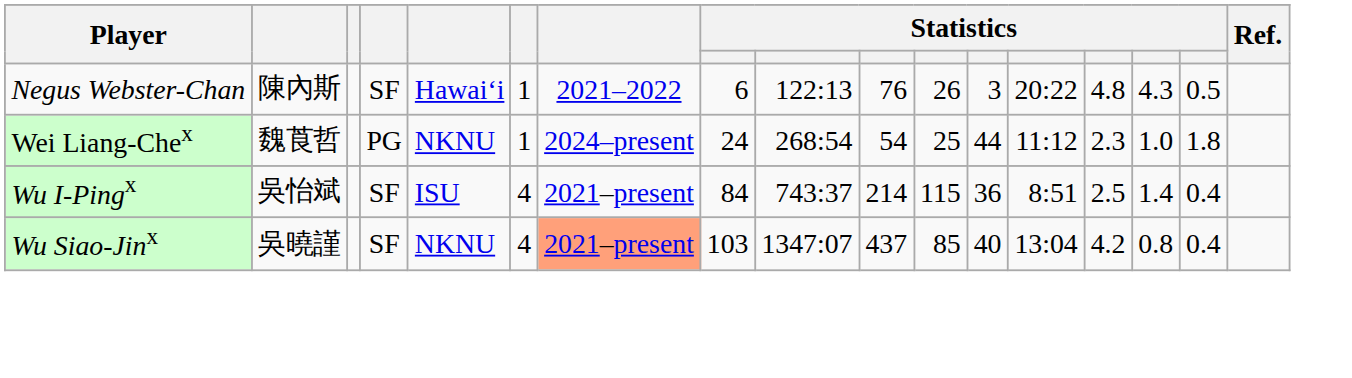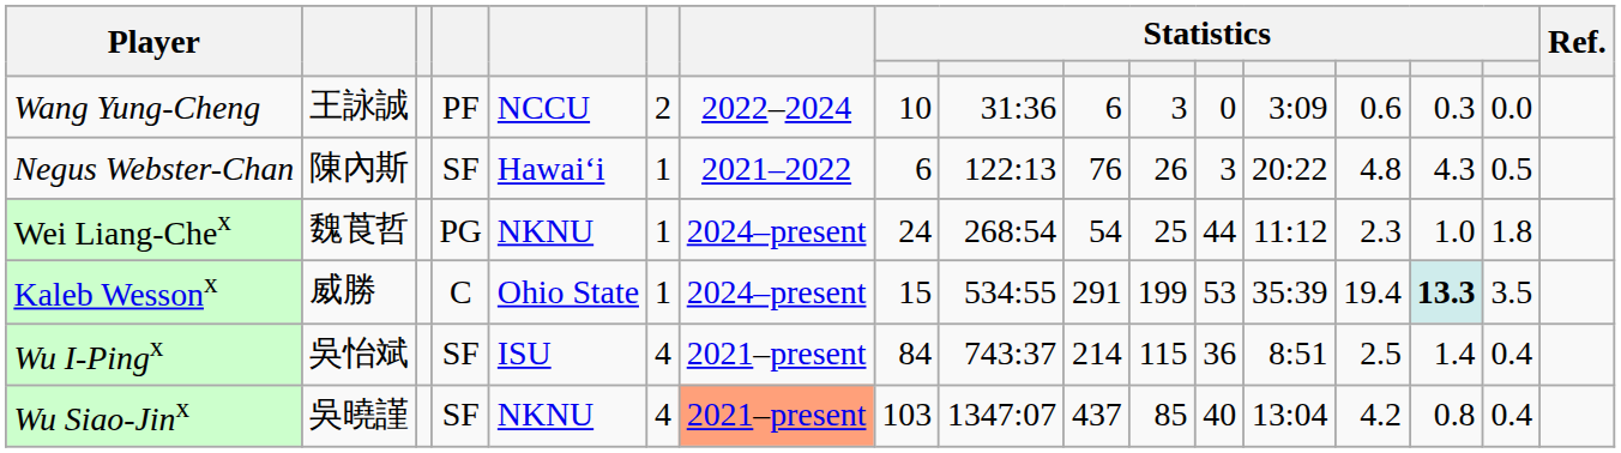 <table class="wikitable sortable" style="font-size:95%; text-align:right;">
 <tr>
 <th rowspan="2">Player</th>
 <th rowspan="2"></th>
 <th rowspan="2"></th>
 <th rowspan="2"></th>
 <th rowspan="2"></th>
 <th rowspan="2"></th>
 <th rowspan="2"></th>
 <th colspan="9">Statistics</th>
 <th rowspan="2">Ref.</th>
 </tr>
 <tr>
 <th></th>
 <th></th>
 <th></th>
 <th></th>
 <th></th>
 <th></th>
 <th></th>
 <th></th>
 <th></th>
+</tr>
+<tr>
+<td align="left"><em>Wang Yung-Cheng</em></td>
+<td align="left">王詠誠</td>
+<td align="center"></td>
+<td align="center">PF</td>
+<td align="left"><a href='#'>NCCU</a></td>
+<td align="center">2</td>
+<td align="center"><a href='#'>2022</a>–<a href='#'>2024</a></td>
+<td>10</td>
+<td>31:36</td>
+<td>6</td>
+<td>3</td>
+<td>0</td>
+<td>3:09</td>
+<td>0.6</td>
+<td>0.3</td>
+<td>0.0</td>
+<td align="center"></td>
 </tr>
 <tr>
 <td align="left"><em>Negus Webster-Chan</em></td>
 <td align="left">陳內斯</td>
 <td align="center"></td>
 <td align="center">SF</td>
 <td align="left"><a href='#'>Hawaiʻi</a></td>
 <td align="center">1</td>
 <td align="center"><a href='#'>2021–2022</a></td>
 <td>6</td>
 <td>122:13</td>
 <td>76</td>
 <td>26</td>
 <td>3</td>
 <td>20:22</td>
 <td>4.8</td>
 <td>4.3</td>
 <td>0.5</td>
 <td align="center"></td>
 </tr>
 <tr>
 <td align="left" bgcolor="#CCFFCC">Wei Liang-Che<sup>x</sup></td>
 <td align="left">魏莨哲</td>
 <td align="center"></td>
 <td align="center">PG</td>
 <td align="left"><a href='#'>NKNU</a></td>
 <td align="center">1</td>
 <td align="center"><a href='#'>2024–present</a></td>
 <td>24</td>
 <td>268:54</td>
 <td>54</td>
 <td>25</td>
 <td>44</td>
 <td>11:12</td>
 <td>2.3</td>
 <td>1.0</td>
 <td>1.8</td>
+<td align="center"></td>
+</tr>
+<tr>
+<td align="left" bgcolor="#CCFFCC"><a href='#'>Kaleb Wesson</a><sup>x</sup></td>
+<td align="left">威勝</td>
+<td align="center"></td>
+<td align="center">C</td>
+<td align="left"><a href='#'>Ohio State</a></td>
+<td align="center">1</td>
+<td align="center"><a href='#'>2024–present</a></td>
+<td>15</td>
+<td>534:55</td>
+<td>291</td>
+<td>199</td>
+<td>53</td>
+<td>35:39</td>
+<td>19.4</td>
+<td bgcolor="#CFECEC"><strong>13.3</strong></td>
+<td>3.5</td>
 <td align="center"></td>
 </tr>
 <tr>
 <td align="left" bgcolor="#CCFFCC"><em>Wu I-Ping</em><sup>x</sup></td>
 <td align="left">吳怡斌</td>
 <td align="center"></td>
 <td align="center">SF</td>
 <td align="left"><a href='#'>ISU</a></td>
 <td align="center">4</td>
 <td align="center"><a href='#'>2021</a>–<a href='#'>present</a></td>
 <td>84</td>
 <td>743:37</td>
 <td>214</td>
 <td>115</td>
 <td>36</td>
 <td>8:51</td>
 <td>2.5</td>
 <td>1.4</td>
 <td>0.4</td>
 <td align="center"></td>
 </tr>
 <tr>
 <td align="left" bgcolor="#CCFFCC"><em>Wu Siao-Jin</em><sup>x</sup></td>
 <td align="left">吳曉謹</td>
 <td align="center"></td>
 <td align="center">SF</td>
 <td align="left"><a href='#'>NKNU</a></td>
 <td align="center">4</td>
 <td align="center" style="background: lightsalmon;"><a href='#'>2021</a>–<a href='#'>present</a></td>
 <td>103</td>
 <td>1347:07</td>
 <td>437</td>
 <td>85</td>
 <td>40</td>
 <td>13:04</td>
 <td>4.2</td>
 <td>0.8</td>
 <td>0.4</td>
 <td align="center"></td>
 </tr>
 </table>
